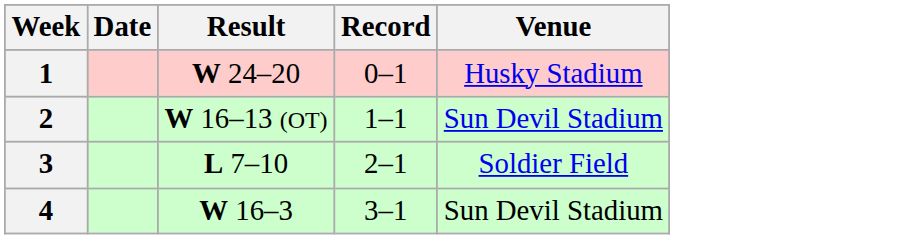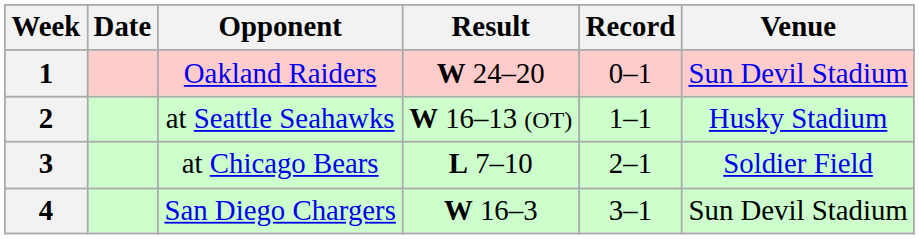 <table class="wikitable" style="text-align:center">
 <tr>
 <th>Week</th>
 <th>Date</th>
+<th>Opponent</th>
 <th>Result</th>
 <th>Record</th>
 <th>Venue</th>
 </tr>
 <tr style="background:#fcc">
 <th>1</th>
 <td></td>
+<td><a href='#'>Oakland Raiders</a></td>
 <td><strong>W</strong> 24–20</td>
 <td>0–1</td>
-<td><a href='#'>Husky Stadium</a></td>
+<td><a href='#'>Sun Devil Stadium</a></td>
 </tr>
 <tr style="background:#cfc">
 <th>2</th>
 <td></td>
+<td>at <a href='#'>Seattle Seahawks</a></td>
 <td><strong>W</strong> 16–13 <small>(OT)</small></td>
 <td>1–1</td>
-<td><a href='#'>Sun Devil Stadium</a></td>
+<td><a href='#'>Husky Stadium</a></td>
 </tr>
 <tr style="background:#cfc">
 <th>3</th>
 <td></td>
+<td>at <a href='#'>Chicago Bears</a></td>
 <td><strong>L</strong> 7–10</td>
 <td>2–1</td>
 <td><a href='#'>Soldier Field</a></td>
 </tr>
 <tr style="background:#cfc">
 <th>4</th>
 <td></td>
+<td><a href='#'>San Diego Chargers</a></td>
 <td><strong>W</strong> 16–3</td>
 <td>3–1</td>
 <td>Sun Devil Stadium</td>
 </tr>
 </table>
